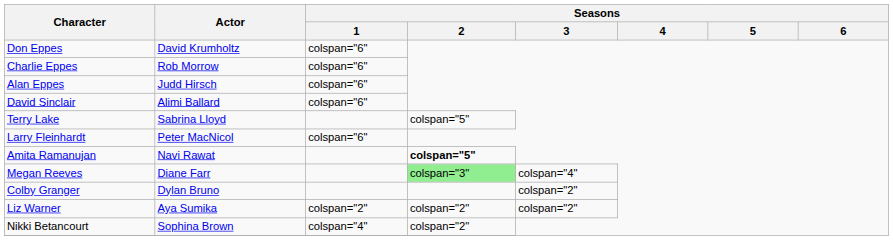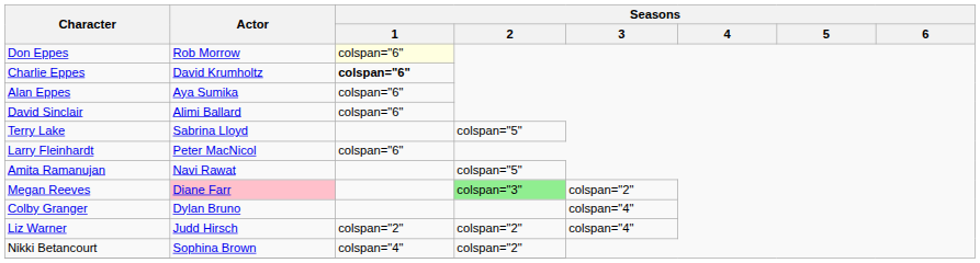 <table class="wikitable" style="font-size:100%" width="100%">
 <tr>
 <th width="10%" rowspan="2">Character</th>
 <th width="10%" rowspan="2">Actor</th>
 <th width="10%" colspan="6">Seasons</th>
 </tr>
 <tr>
 <th width="6%">1</th>
 <th width="6%">2</th>
 <th width="6%">3</th>
 <th width="6%">4</th>
 <th width="6%">5</th>
 <th width="6%">6</th>
 </tr>
 <tr>
 <td><a href='#'>Don Eppes</a></td>
-<td><a href='#'>David Krumholtz</a></td>
-<td>colspan="6" </td>
+<td><a href='#'>Rob Morrow</a></td>
+<td style="background: lightyellow;">colspan="6" </td>
 </tr>
 <tr>
 <td><a href='#'>Charlie Eppes</a></td>
-<td><a href='#'>Rob Morrow</a></td>
-<td>colspan="6" </td>
+<td><a href='#'>David Krumholtz</a></td>
+<td><strong>colspan="6" </strong></td>
 </tr>
 <tr>
 <td><a href='#'>Alan Eppes</a></td>
-<td><a href='#'>Judd Hirsch</a></td>
+<td><a href='#'>Aya Sumika</a></td>
 <td>colspan="6" </td>
 </tr>
 <tr>
 <td><a href='#'>David Sinclair</a></td>
 <td><a href='#'>Alimi Ballard</a></td>
 <td>colspan="6" </td>
 </tr>
 <tr>
 <td><a href='#'>Terry Lake</a></td>
 <td><a href='#'>Sabrina Lloyd</a></td>
 <td></td>
 <td>colspan="5" </td>
 </tr>
 <tr>
 <td><a href='#'>Larry Fleinhardt</a></td>
 <td><a href='#'>Peter MacNicol</a></td>
 <td>colspan="6" </td>
 </tr>
 <tr>
 <td><a href='#'>Amita Ramanujan</a></td>
 <td><a href='#'>Navi Rawat</a></td>
 <td></td>
-<td><strong>colspan="5" </strong></td>
+<td>colspan="5" </td>
 </tr>
 <tr>
 <td><a href='#'>Megan Reeves</a></td>
-<td><a href='#'>Diane Farr</a></td>
+<td style="background: pink;"><a href='#'>Diane Farr</a></td>
 <td></td>
 <td style="background: lightgreen;">colspan="3" </td>
-<td>colspan="4" </td>
+<td>colspan="2" </td>
 </tr>
 <tr>
 <td><a href='#'>Colby Granger</a></td>
 <td><a href='#'>Dylan Bruno</a></td>
 <td></td>
 <td></td>
-<td>colspan="2" </td>
+<td>colspan="4" </td>
 </tr>
 <tr>
 <td><a href='#'>Liz Warner</a></td>
-<td><a href='#'>Aya Sumika</a></td>
+<td><a href='#'>Judd Hirsch</a></td>
 <td>colspan="2" </td>
 <td>colspan="2" </td>
-<td>colspan="2" </td>
+<td>colspan="4" </td>
 </tr>
 <tr>
 <td>Nikki Betancourt</td>
 <td><a href='#'>Sophina Brown</a></td>
 <td>colspan="4" </td>
 <td>colspan="2" </td>
 </tr>
 <tr>
 </tr>
 </table>
